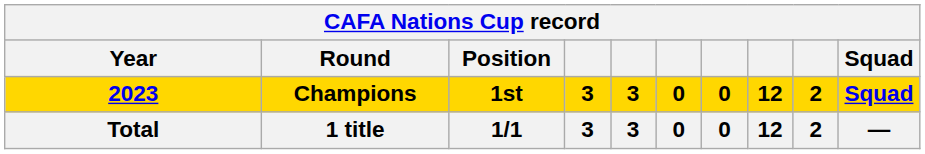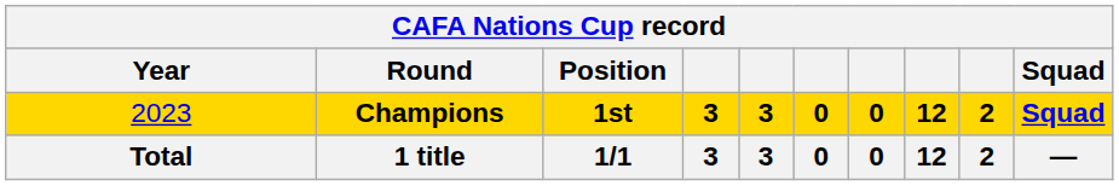 <table class="wikitable" style="text-align: center;">
 <tr>
 <th colspan=10><a href='#'>CAFA Nations Cup</a> record</th>
 </tr>
 <tr>
 <th width="175">Year</th>
 <th width="125">Round</th>
 <th width="75">Position</th>
 <th width="25"></th>
 <th width="25"></th>
 <th width="25"></th>
 <th width="25"></th>
 <th width="25"></th>
 <th width="25"></th>
 <th width="50">Squad</th>
 </tr>
 <tr style="background:gold;">
-<td><strong> <a href='#'>2023</a></strong></td>
+<td> <a href='#'>2023</a></td>
 <td><strong>Champions </strong></td>
 <td><strong>1st</strong></td>
 <td><strong>3</strong></td>
 <td><strong>3</strong></td>
 <td><strong>0</strong></td>
 <td><strong>0</strong></td>
 <td><strong>12</strong></td>
 <td><strong>2</strong></td>
 <td><strong><a href='#'>Squad</a></strong></td>
 </tr>
 <tr>
 <th>Total</th>
 <th>1 title</th>
 <th>1/1</th>
 <th>3</th>
 <th>3</th>
 <th>0</th>
 <th>0</th>
 <th>12</th>
 <th>2</th>
 <th>—</th>
 </tr>
 </table>
